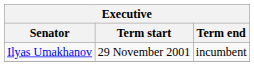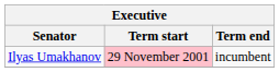 <table class="wikitable sortable">
 <tr>
 <th colspan=3>Executive</th>
 </tr>
 <tr>
 <th>Senator</th>
 <th>Term start</th>
 <th>Term end</th>
 </tr>
 <tr>
 <td><a href='#'>Ilyas Umakhanov</a></td>
-<td>29 November 2001</td>
+<td style="background: pink;">29 November 2001</td>
 <td>incumbent</td>
 </tr>
 <tr>
 </tr>
 </table>
